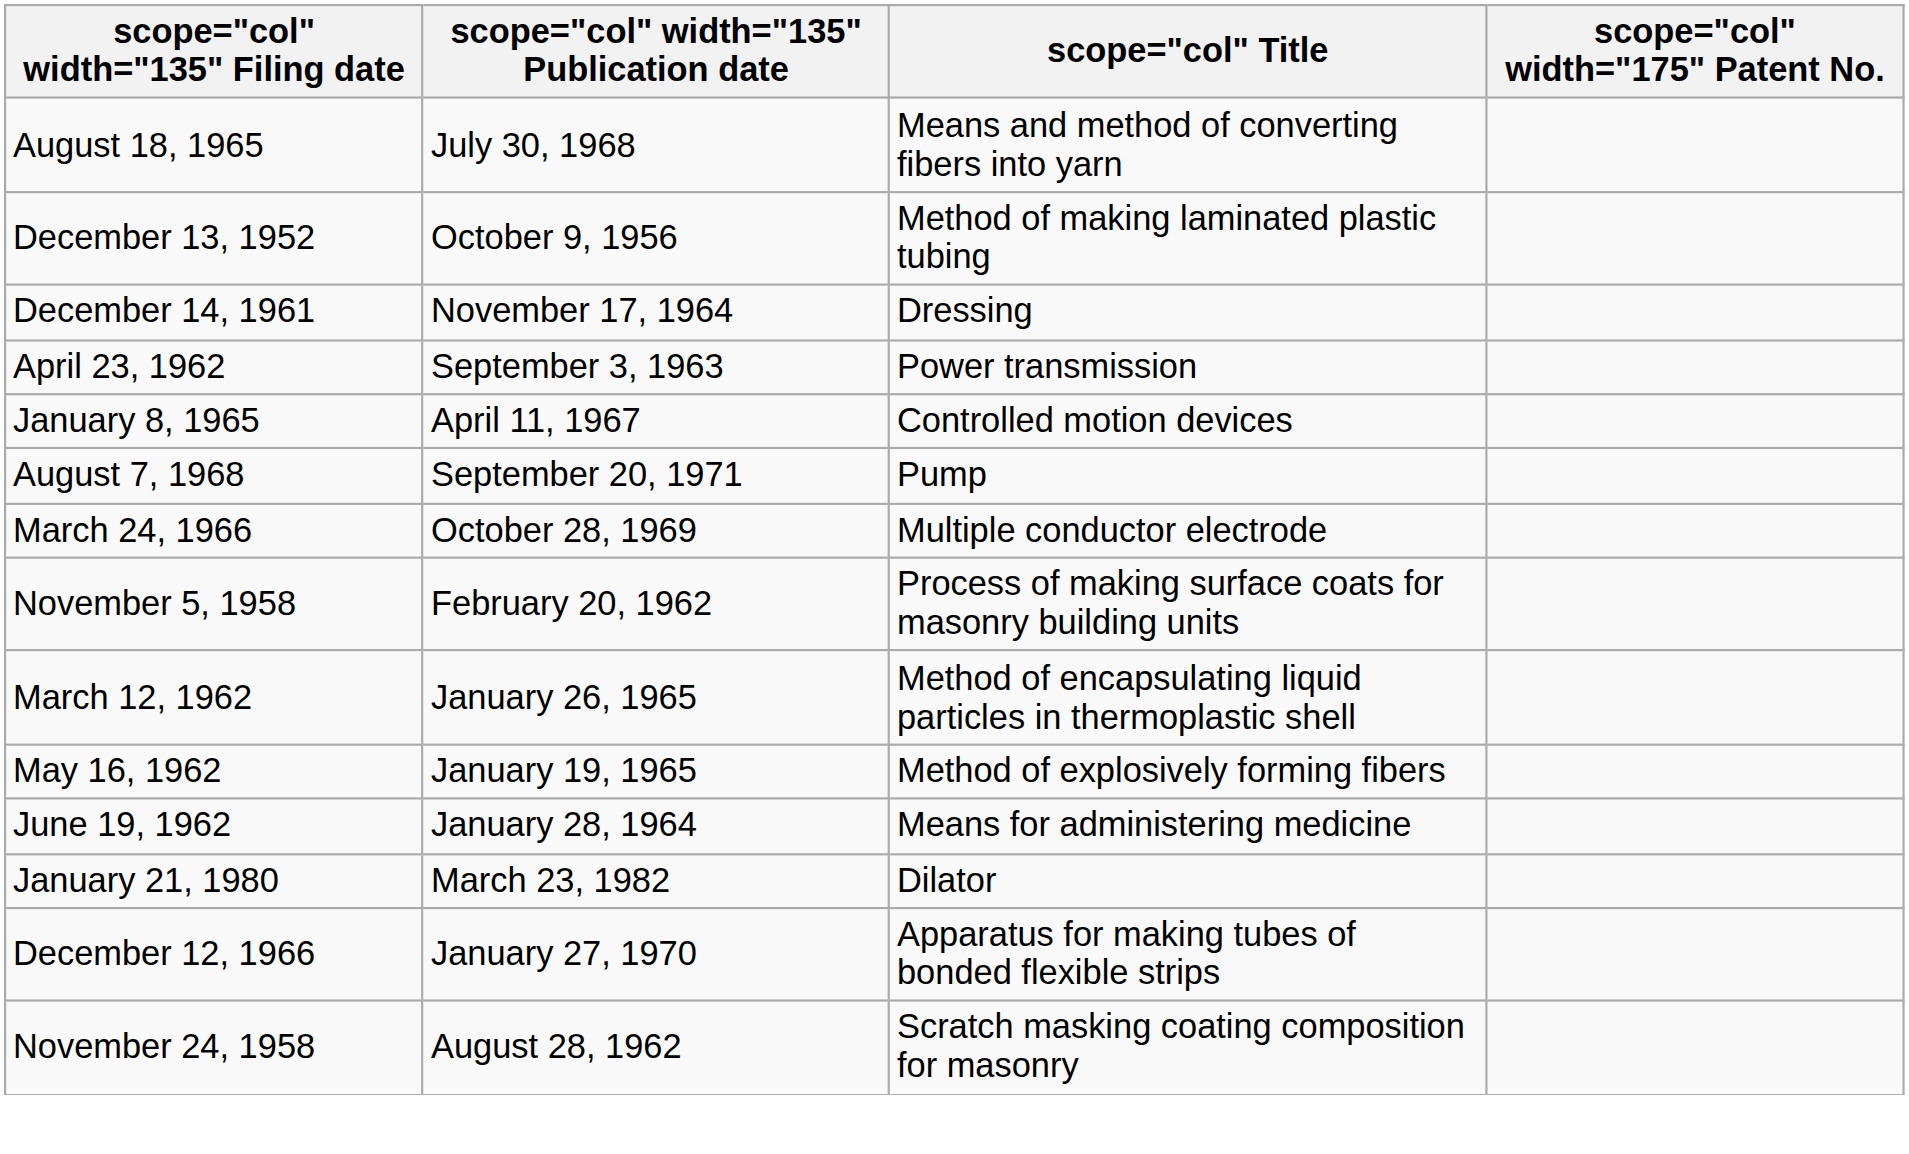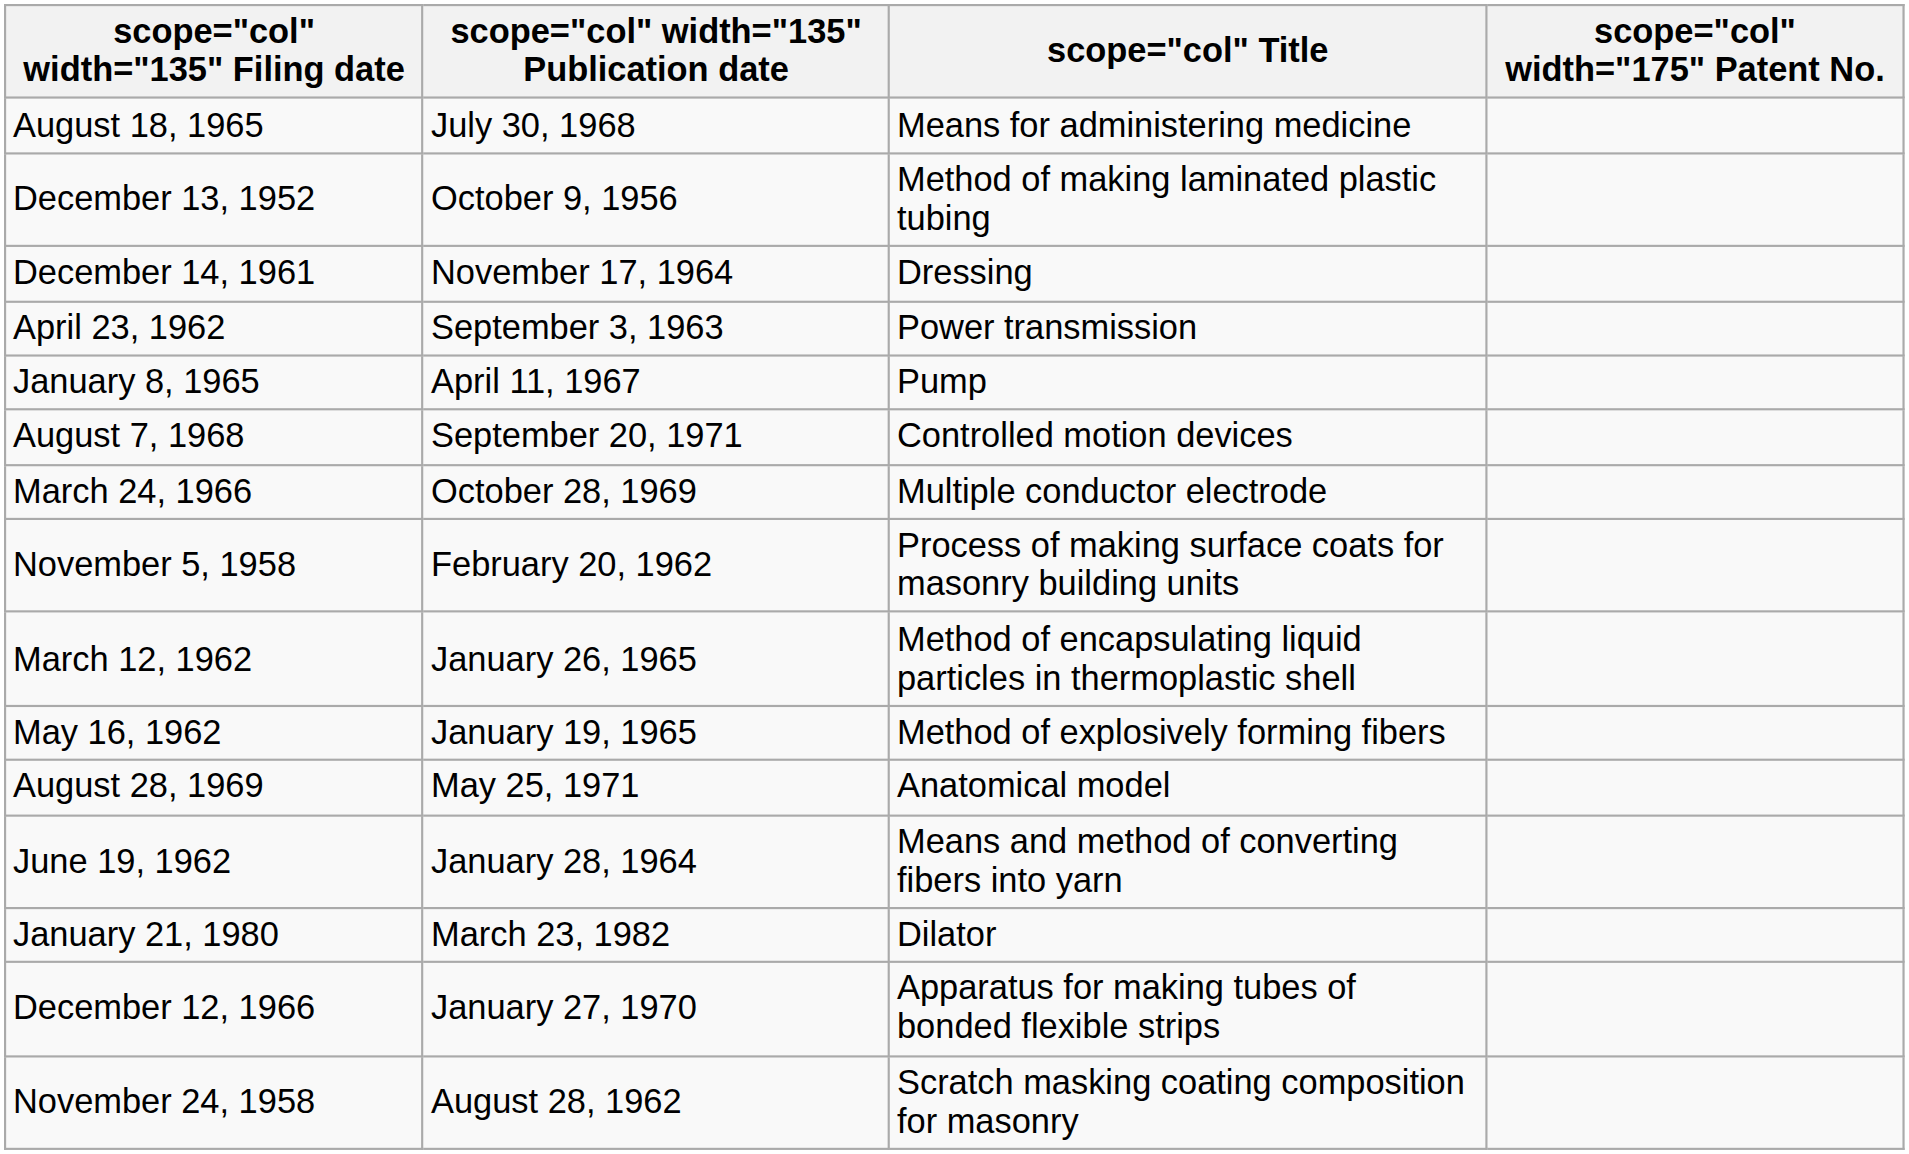 <table class="wikitable collapsible collapsed" style="width: 100%;">
 <tr>
 <th>scope="col"  width="135"  Filing date</th>
 <th>scope="col"  width="135"  Publication date</th>
 <th>scope="col"  Title</th>
 <th>scope="col"  width="175"  Patent No.<br></th>
 </tr>
 <tr>
 <td>August 18, 1965</td>
 <td>July 30, 1968</td>
-<td>Means and method of converting fibers into yarn</td>
+<td>Means for administering medicine</td>
 <td></td>
 </tr>
 <tr>
 <td>December 13, 1952</td>
 <td>October 9, 1956</td>
 <td>Method of making laminated plastic tubing</td>
 <td></td>
 </tr>
 <tr>
 <td>December 14, 1961</td>
 <td>November 17, 1964</td>
 <td>Dressing</td>
 <td></td>
 </tr>
 <tr>
 <td>April 23, 1962</td>
 <td>September 3, 1963</td>
 <td>Power transmission</td>
 <td></td>
 </tr>
 <tr>
 <td>January 8, 1965</td>
 <td>April 11, 1967</td>
-<td>Controlled motion devices</td>
+<td>Pump</td>
 <td></td>
 </tr>
 <tr>
 <td>August 7, 1968</td>
 <td>September 20, 1971</td>
-<td>Pump</td>
+<td>Controlled motion devices</td>
 <td></td>
 </tr>
 <tr>
 <td>March 24, 1966</td>
 <td>October 28, 1969</td>
 <td>Multiple conductor electrode</td>
 <td></td>
 </tr>
 <tr>
 <td>November 5, 1958</td>
 <td>February 20, 1962</td>
 <td>Process of making surface coats for masonry building units</td>
 <td></td>
 </tr>
 <tr>
 <td>March 12, 1962</td>
 <td>January 26, 1965</td>
 <td>Method of encapsulating liquid particles in thermoplastic shell</td>
 <td></td>
 </tr>
 <tr>
 <td>May 16, 1962</td>
 <td>January 19, 1965</td>
 <td>Method of explosively forming fibers</td>
 <td></td>
 </tr>
 <tr>
+<td>August 28, 1969</td>
+<td>May 25, 1971</td>
+<td>Anatomical model</td>
+<td></td>
+</tr>
+<tr>
 <td>June 19, 1962</td>
 <td>January 28, 1964</td>
-<td>Means for administering medicine</td>
+<td>Means and method of converting fibers into yarn</td>
 <td></td>
 </tr>
 <tr>
 <td>January 21, 1980</td>
 <td>March 23, 1982</td>
 <td>Dilator</td>
 <td></td>
 </tr>
 <tr>
 <td>December 12, 1966</td>
 <td>January 27, 1970</td>
 <td>Apparatus for making tubes of bonded flexible strips</td>
 <td></td>
 </tr>
 <tr>
 <td>November 24, 1958</td>
 <td>August 28, 1962</td>
 <td>Scratch masking coating composition for masonry</td>
 <td></td>
 </tr>
 </table>
